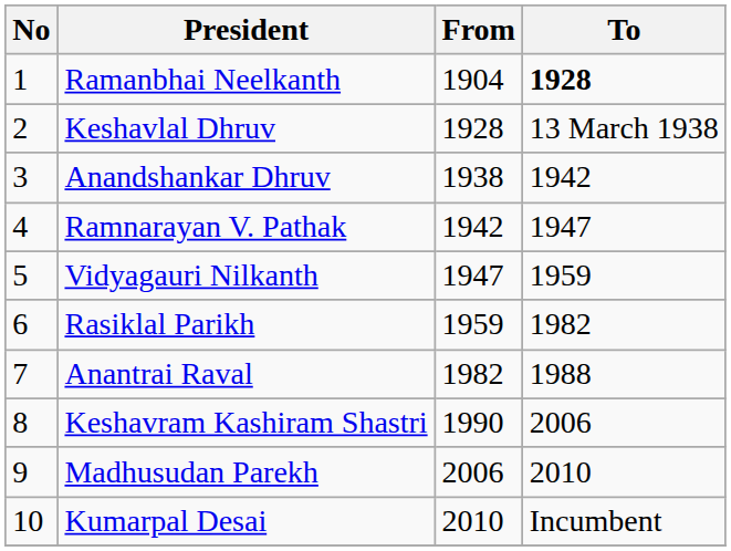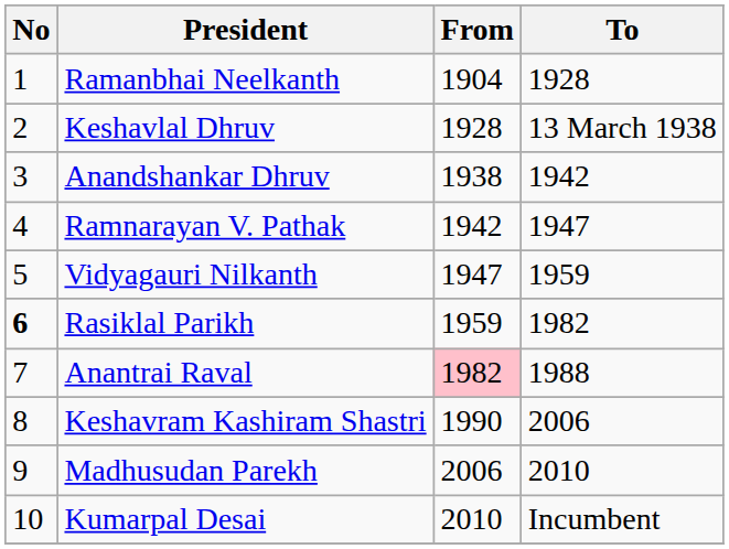 <table class="wikitable">
 <tr>
 <th>No</th>
 <th>President</th>
 <th>From</th>
 <th>To</th>
 </tr>
 <tr>
 <td>1</td>
 <td><a href='#'>Ramanbhai Neelkanth</a></td>
 <td>1904</td>
-<td><strong>1928</strong></td>
+<td>1928</td>
 </tr>
 <tr>
 <td>2</td>
 <td><a href='#'>Keshavlal Dhruv</a></td>
 <td>1928</td>
 <td>13 March 1938</td>
 </tr>
 <tr>
 <td>3</td>
 <td><a href='#'>Anandshankar Dhruv</a></td>
 <td>1938</td>
 <td>1942</td>
 </tr>
 <tr>
 <td>4</td>
 <td><a href='#'>Ramnarayan V. Pathak</a></td>
 <td>1942</td>
 <td>1947</td>
 </tr>
 <tr>
 <td>5</td>
 <td><a href='#'>Vidyagauri Nilkanth</a></td>
 <td>1947</td>
 <td>1959</td>
 </tr>
 <tr>
-<td>6</td>
+<td><strong>6</strong></td>
 <td><a href='#'>Rasiklal Parikh</a></td>
 <td>1959</td>
 <td>1982</td>
 </tr>
 <tr>
 <td>7</td>
 <td><a href='#'>Anantrai Raval</a></td>
-<td>1982</td>
+<td style="background: pink;">1982</td>
 <td>1988</td>
 </tr>
 <tr>
 <td>8</td>
 <td><a href='#'>Keshavram Kashiram Shastri</a></td>
 <td>1990</td>
 <td>2006</td>
 </tr>
 <tr>
 <td>9</td>
 <td><a href='#'>Madhusudan Parekh</a></td>
 <td>2006</td>
 <td>2010</td>
 </tr>
 <tr>
 <td>10</td>
 <td><a href='#'>Kumarpal Desai</a></td>
 <td>2010</td>
 <td>Incumbent</td>
 </tr>
 <tr>
 </tr>
 </table>
